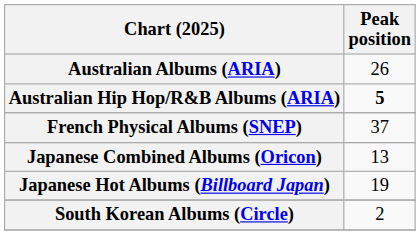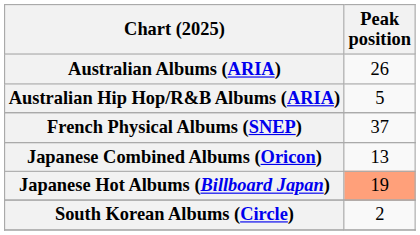 <table class="wikitable sortable plainrowheaders" style="text-align:center">
 <tr>
 <th scope="col">Chart (2025)</th>
 <th scope="col">Peak<br>position</th>
 </tr>
 <tr>
 <th scope="row">Australian Albums (<a href='#'>ARIA</a>)</th>
 <td>26</td>
 </tr>
 <tr>
 <th scope="row">Australian Hip Hop/R&B Albums (<a href='#'>ARIA</a>)</th>
-<td><strong>5</strong></td>
+<td>5</td>
 </tr>
 <tr>
 </tr>
 <tr>
 </tr>
 <tr>
 </tr>
 <tr>
 <th scope="row">French Physical Albums (<a href='#'>SNEP</a>)</th>
 <td>37</td>
 </tr>
 <tr>
 </tr>
 <tr>
 <th scope="row">Japanese Combined Albums (<a href='#'>Oricon</a>)</th>
 <td>13</td>
 </tr>
 <tr>
 <th scope="row">Japanese Hot Albums (<em><a href='#'>Billboard Japan</a></em>)</th>
-<td>19</td>
+<td style="background: lightsalmon;">19</td>
 </tr>
 <tr>
 </tr>
 <tr>
 <th scope="row">South Korean Albums (<a href='#'>Circle</a>)</th>
 <td>2</td>
 </tr>
 <tr>
 </tr>
 <tr>
 </tr>
 <tr>
 </tr>
 <tr>
 </tr>
 <tr>
 </tr>
 </table>
